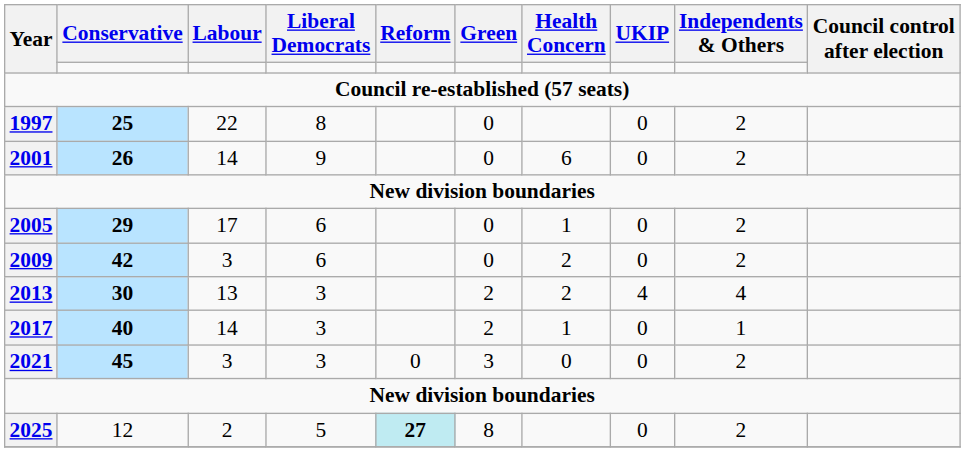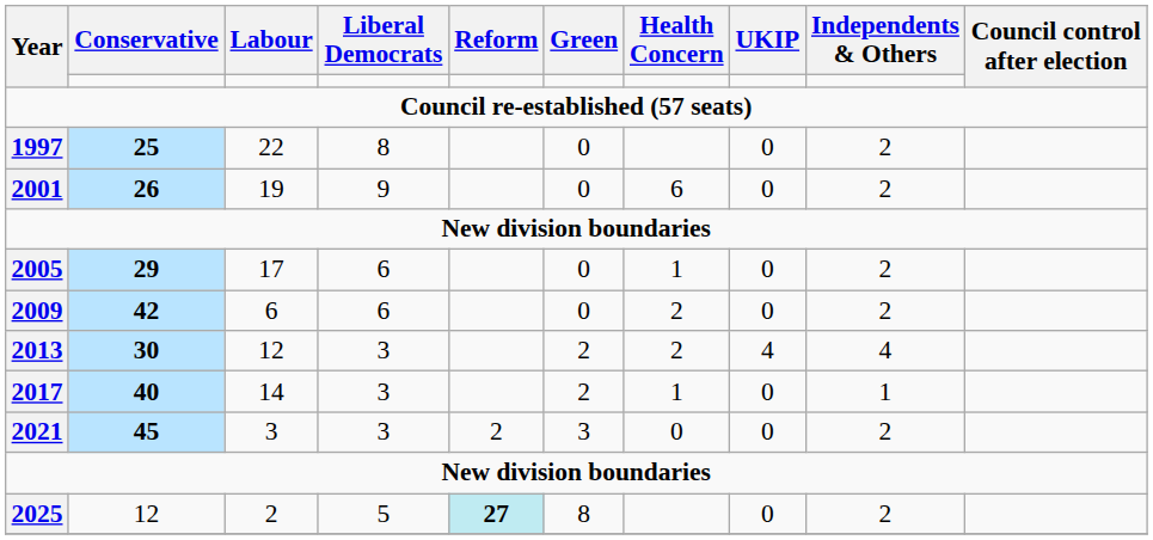 <table class="wikitable plainrowheaders" style="text-align:center">
 <tr>
 <th scope="col" rowspan="2">Year</th>
 <th scope="col"><a href='#'>Conservative</a></th>
 <th scope="col"><a href='#'>Labour</a></th>
 <th scope="col" style="width:1px"><a href='#'>Liberal Democrats</a></th>
 <th scope="col"><a href='#'>Reform</a></th>
 <th scope="col"><a href='#'>Green</a></th>
 <th scope="col"><a href='#'>Health<br>Concern</a></th>
 <th scope="col"><a href='#'>UKIP</a></th>
 <th scope="col"><a href='#'>Independents</a><br>& Others</th>
 <th scope="col" rowspan="2" colspan="2">Council control<br>after election</th>
 </tr>
 <tr>
 <td style="background:"></td>
 <td style="background:"></td>
 <td style="background:"></td>
 <td style="background:"></td>
 <td style="background:"></td>
 <td style="background:"></td>
 <td style="background:"></td>
 <td style="background:"></td>
 </tr>
 <tr>
 <td colspan="11"><strong>Council re-established (57 seats)</strong></td>
 </tr>
 <tr>
 <th scope="row"><a href='#'>1997</a></th>
 <td style="background:#B9E4FF;"><strong>25</strong></td>
 <td>22</td>
 <td>8</td>
 <td></td>
 <td>0</td>
 <td></td>
 <td>0</td>
 <td>2</td>
 <td></td>
 </tr>
 <tr>
 <th scope="row"><a href='#'>2001</a></th>
 <td style="background:#B9E4FF;"><strong>26</strong></td>
-<td>14</td>
+<td>19</td>
 <td>9</td>
 <td></td>
 <td>0</td>
 <td>6</td>
 <td>0</td>
 <td>2</td>
 <td></td>
 </tr>
 <tr>
 <td colspan="11"><strong>New division boundaries</strong></td>
 </tr>
 <tr>
 <th scope="row"><a href='#'>2005</a></th>
 <td style="background:#B9E4FF;"><strong>29</strong></td>
 <td>17</td>
 <td>6</td>
 <td></td>
 <td>0</td>
 <td>1</td>
 <td>0</td>
 <td>2</td>
 <td></td>
 </tr>
 <tr>
 <th scope="row"><a href='#'>2009</a></th>
 <td style="background:#B9E4FF;"><strong>42</strong></td>
-<td>3</td>
+<td>6</td>
 <td>6</td>
 <td></td>
 <td>0</td>
 <td>2</td>
 <td>0</td>
 <td>2</td>
 <td></td>
 </tr>
 <tr>
 <th scope="row"><a href='#'>2013</a></th>
 <td style="background:#B9E4FF;"><strong>30</strong></td>
-<td>13</td>
+<td>12</td>
 <td>3</td>
 <td></td>
 <td>2</td>
 <td>2</td>
 <td>4</td>
 <td>4</td>
 <td></td>
 </tr>
 <tr>
 <th scope="row"><a href='#'>2017</a></th>
 <td style="background:#B9E4FF;"><strong>40</strong></td>
 <td>14</td>
 <td>3</td>
 <td></td>
 <td>2</td>
 <td>1</td>
 <td>0</td>
 <td>1</td>
 <td></td>
 </tr>
 <tr>
 <th scope="row"><a href='#'>2021</a></th>
 <td style="background:#B9E4FF;"><strong>45</strong></td>
 <td>3</td>
 <td>3</td>
-<td>0</td>
+<td>2</td>
 <td>3</td>
 <td>0</td>
 <td>0</td>
 <td>2</td>
 <td></td>
 </tr>
 <tr>
 <td colspan="11"><strong>New division boundaries</strong></td>
 </tr>
 <tr>
 <th scope="row"><a href='#'>2025</a></th>
 <td>12</td>
 <td>2</td>
 <td>5</td>
 <td style="background:#BFEBF2;"><strong>27</strong></td>
 <td>8</td>
 <td></td>
 <td>0</td>
 <td>2</td>
 <td></td>
 </tr>
 <tr>
 </tr>
 </table>
